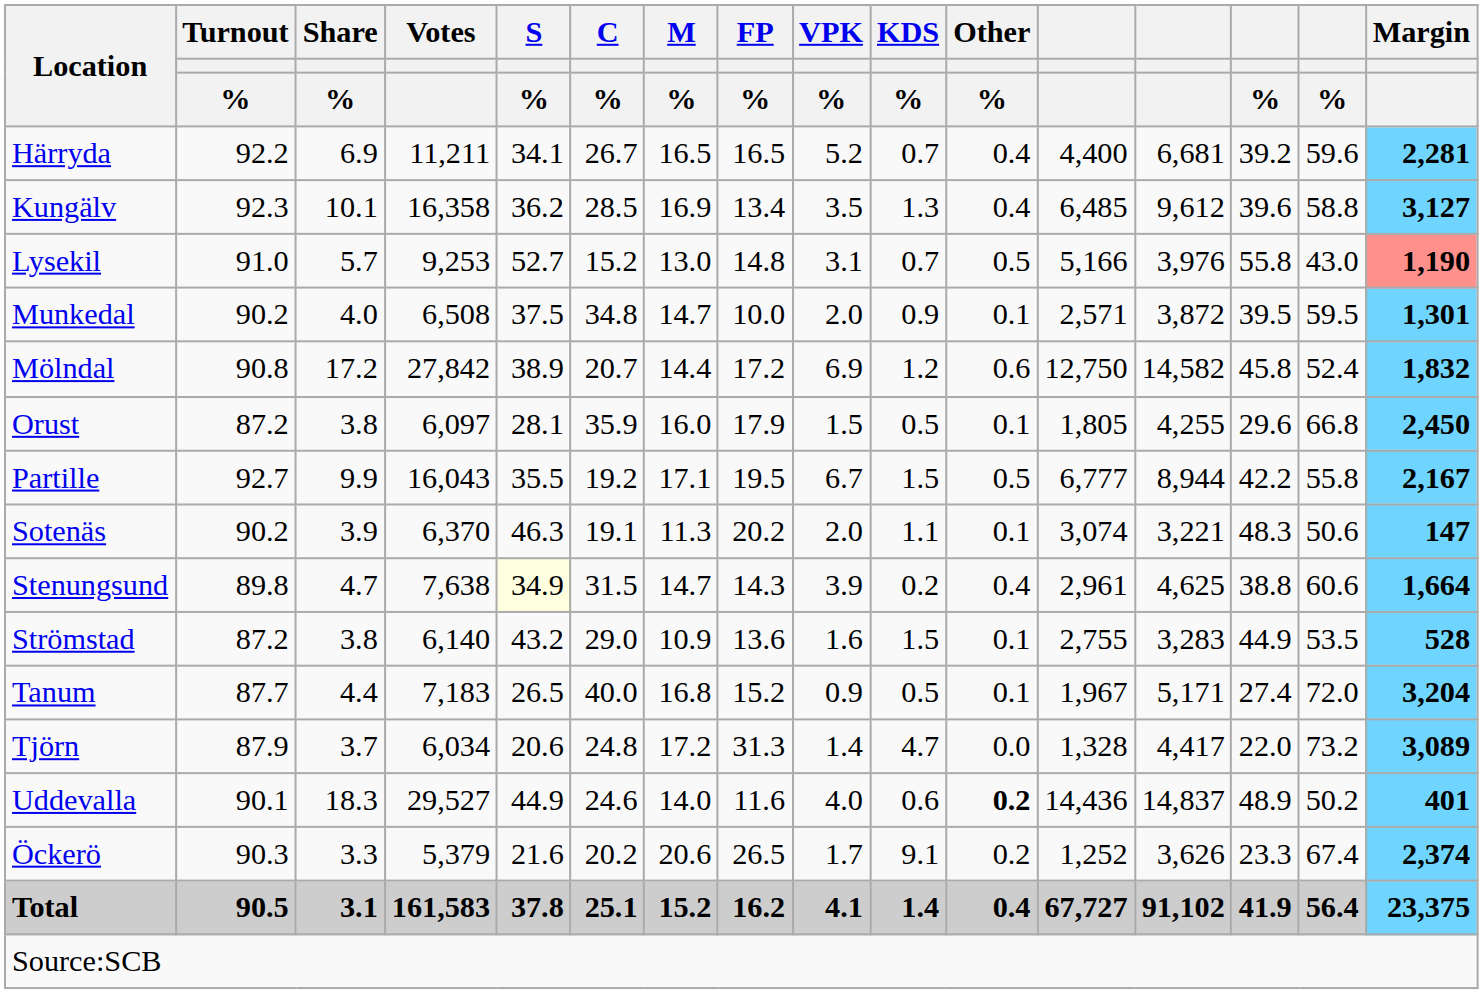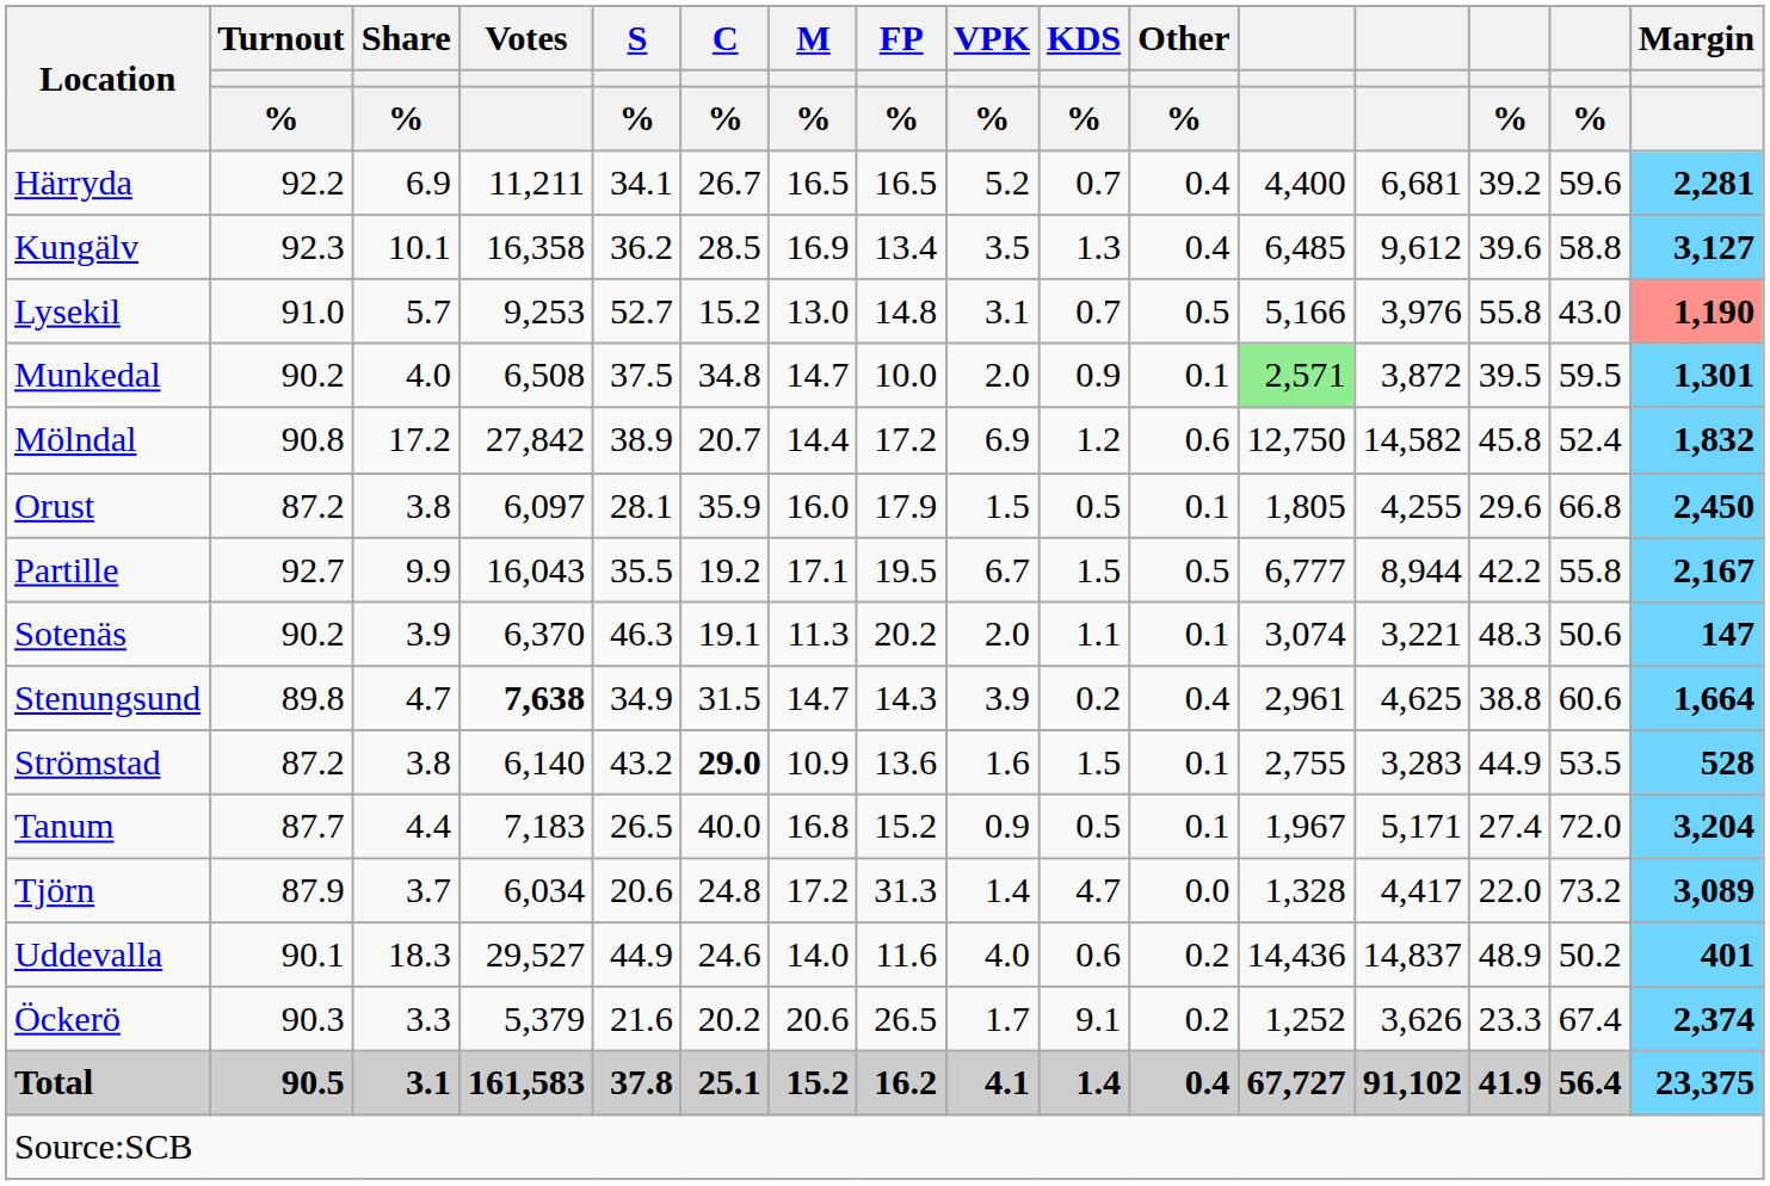 <table class="wikitable sortable" style="text-align:right; font-size:95%; line-height:20px;">
 <tr>
 <th rowspan="3">Location</th>
 <th>Turnout</th>
 <th>Share</th>
 <th>Votes</th>
 <th width="30px" class="unsortable"><a href='#'>S</a></th>
 <th width="30px" class="unsortable"><a href='#'>C</a></th>
 <th width="30px" class="unsortable"><a href='#'>M</a></th>
 <th width="30px" class="unsortable"><a href='#'>FP</a></th>
 <th width="30px" class="unsortable"><a href='#'>VPK</a></th>
 <th width="30px" class="unsortable"><a href='#'>KDS</a></th>
 <th width="30px" class="unsortable">Other</th>
 <th></th>
 <th></th>
 <th></th>
 <th></th>
 <th>Margin</th>
 </tr>
 <tr>
 <th></th>
 <th></th>
 <th></th>
 <th style="background:"></th>
 <th style="background:"></th>
 <th style="background:"></th>
 <th style="background:"></th>
 <th style="background:"></th>
 <th style="background:"></th>
 <th style="background:"></th>
 <th style="background:"></th>
 <th style="background:"></th>
 <th style="background:"></th>
 <th style="background:"></th>
 <th></th>
 </tr>
 <tr>
 <th data-sort-type="number">%</th>
 <th data-sort-type="number">%</th>
 <th></th>
 <th data-sort-type="number">%</th>
 <th data-sort-type="number">%</th>
 <th data-sort-type="number">%</th>
 <th data-sort-type="number">%</th>
 <th data-sort-type="number">%</th>
 <th data-sort-type="number">%</th>
 <th data-sort-type="number">%</th>
 <th data-sort-type="number"></th>
 <th data-sort-type="number"></th>
 <th data-sort-type="number">%</th>
 <th data-sort-type="number">%</th>
 <th data-sort-type="number"></th>
 </tr>
 <tr>
 <td align=left><a href='#'>Härryda</a></td>
 <td>92.2</td>
 <td>6.9</td>
 <td>11,211</td>
 <td>34.1</td>
 <td>26.7</td>
 <td>16.5</td>
 <td>16.5</td>
 <td>5.2</td>
 <td>0.7</td>
 <td>0.4</td>
 <td>4,400</td>
 <td>6,681</td>
 <td>39.2</td>
 <td>59.6</td>
 <td bgcolor=#6fd5fe><strong>2,281</strong></td>
 </tr>
 <tr>
 <td align=left><a href='#'>Kungälv</a></td>
 <td>92.3</td>
 <td>10.1</td>
 <td>16,358</td>
 <td>36.2</td>
 <td>28.5</td>
 <td>16.9</td>
 <td>13.4</td>
 <td>3.5</td>
 <td>1.3</td>
 <td>0.4</td>
 <td>6,485</td>
 <td>9,612</td>
 <td>39.6</td>
 <td>58.8</td>
 <td bgcolor=#6fd5fe><strong>3,127</strong></td>
 </tr>
 <tr>
 <td align=left><a href='#'>Lysekil</a></td>
 <td>91.0</td>
 <td>5.7</td>
 <td>9,253</td>
 <td>52.7</td>
 <td>15.2</td>
 <td>13.0</td>
 <td>14.8</td>
 <td>3.1</td>
 <td>0.7</td>
 <td>0.5</td>
 <td>5,166</td>
 <td>3,976</td>
 <td>55.8</td>
 <td>43.0</td>
 <td bgcolor=#ff908c><strong>1,190</strong></td>
 </tr>
 <tr>
 <td align=left><a href='#'>Munkedal</a></td>
 <td>90.2</td>
 <td>4.0</td>
 <td>6,508</td>
 <td>37.5</td>
 <td>34.8</td>
 <td>14.7</td>
 <td>10.0</td>
 <td>2.0</td>
 <td>0.9</td>
 <td>0.1</td>
-<td>2,571</td>
+<td style="background: lightgreen;">2,571</td>
 <td>3,872</td>
 <td>39.5</td>
 <td>59.5</td>
 <td bgcolor=#6fd5fe><strong>1,301</strong></td>
 </tr>
 <tr>
 <td align=left><a href='#'>Mölndal</a></td>
 <td>90.8</td>
 <td>17.2</td>
 <td>27,842</td>
 <td>38.9</td>
 <td>20.7</td>
 <td>14.4</td>
 <td>17.2</td>
 <td>6.9</td>
 <td>1.2</td>
 <td>0.6</td>
 <td>12,750</td>
 <td>14,582</td>
 <td>45.8</td>
 <td>52.4</td>
 <td bgcolor=#6fd5fe><strong>1,832</strong></td>
 </tr>
 <tr>
 <td align=left><a href='#'>Orust</a></td>
 <td>87.2</td>
 <td>3.8</td>
 <td>6,097</td>
 <td>28.1</td>
 <td>35.9</td>
 <td>16.0</td>
 <td>17.9</td>
 <td>1.5</td>
 <td>0.5</td>
 <td>0.1</td>
 <td>1,805</td>
 <td>4,255</td>
 <td>29.6</td>
 <td>66.8</td>
 <td bgcolor=#6fd5fe><strong>2,450</strong></td>
 </tr>
 <tr>
 <td align=left><a href='#'>Partille</a></td>
 <td>92.7</td>
 <td>9.9</td>
 <td>16,043</td>
 <td>35.5</td>
 <td>19.2</td>
 <td>17.1</td>
 <td>19.5</td>
 <td>6.7</td>
 <td>1.5</td>
 <td>0.5</td>
 <td>6,777</td>
 <td>8,944</td>
 <td>42.2</td>
 <td>55.8</td>
 <td bgcolor=#6fd5fe><strong>2,167</strong></td>
 </tr>
 <tr>
 <td align=left><a href='#'>Sotenäs</a></td>
 <td>90.2</td>
 <td>3.9</td>
 <td>6,370</td>
 <td>46.3</td>
 <td>19.1</td>
 <td>11.3</td>
 <td>20.2</td>
 <td>2.0</td>
 <td>1.1</td>
 <td>0.1</td>
 <td>3,074</td>
 <td>3,221</td>
 <td>48.3</td>
 <td>50.6</td>
 <td bgcolor=#6fd5fe><strong>147</strong></td>
 </tr>
 <tr>
 <td align=left><a href='#'>Stenungsund</a></td>
 <td>89.8</td>
 <td>4.7</td>
-<td>7,638</td>
-<td style="background: lightyellow;">34.9</td>
+<td><strong>7,638</strong></td>
+<td>34.9</td>
 <td>31.5</td>
 <td>14.7</td>
 <td>14.3</td>
 <td>3.9</td>
 <td>0.2</td>
 <td>0.4</td>
 <td>2,961</td>
 <td>4,625</td>
 <td>38.8</td>
 <td>60.6</td>
 <td bgcolor=#6fd5fe><strong>1,664</strong></td>
 </tr>
 <tr>
 <td align=left><a href='#'>Strömstad</a></td>
 <td>87.2</td>
 <td>3.8</td>
 <td>6,140</td>
 <td>43.2</td>
-<td>29.0</td>
+<td><strong>29.0</strong></td>
 <td>10.9</td>
 <td>13.6</td>
 <td>1.6</td>
 <td>1.5</td>
 <td>0.1</td>
 <td>2,755</td>
 <td>3,283</td>
 <td>44.9</td>
 <td>53.5</td>
 <td bgcolor=#6fd5fe><strong>528</strong></td>
 </tr>
 <tr>
 <td align=left><a href='#'>Tanum</a></td>
 <td>87.7</td>
 <td>4.4</td>
 <td>7,183</td>
 <td>26.5</td>
 <td>40.0</td>
 <td>16.8</td>
 <td>15.2</td>
 <td>0.9</td>
 <td>0.5</td>
 <td>0.1</td>
 <td>1,967</td>
 <td>5,171</td>
 <td>27.4</td>
 <td>72.0</td>
 <td bgcolor=#6fd5fe><strong>3,204</strong></td>
 </tr>
 <tr>
 <td align=left><a href='#'>Tjörn</a></td>
 <td>87.9</td>
 <td>3.7</td>
 <td>6,034</td>
 <td>20.6</td>
 <td>24.8</td>
 <td>17.2</td>
 <td>31.3</td>
 <td>1.4</td>
 <td>4.7</td>
 <td>0.0</td>
 <td>1,328</td>
 <td>4,417</td>
 <td>22.0</td>
 <td>73.2</td>
 <td bgcolor=#6fd5fe><strong>3,089</strong></td>
 </tr>
 <tr>
 <td align=left><a href='#'>Uddevalla</a></td>
 <td>90.1</td>
 <td>18.3</td>
 <td>29,527</td>
 <td>44.9</td>
 <td>24.6</td>
 <td>14.0</td>
 <td>11.6</td>
 <td>4.0</td>
 <td>0.6</td>
-<td><strong>0.2</strong></td>
+<td>0.2</td>
 <td>14,436</td>
 <td>14,837</td>
 <td>48.9</td>
 <td>50.2</td>
 <td bgcolor=#6fd5fe><strong>401</strong></td>
 </tr>
 <tr>
 <td align=left><a href='#'>Öckerö</a></td>
 <td>90.3</td>
 <td>3.3</td>
 <td>5,379</td>
 <td>21.6</td>
 <td>20.2</td>
 <td>20.6</td>
 <td>26.5</td>
 <td>1.7</td>
 <td>9.1</td>
 <td>0.2</td>
 <td>1,252</td>
 <td>3,626</td>
 <td>23.3</td>
 <td>67.4</td>
 <td bgcolor=#6fd5fe><strong>2,374</strong></td>
 </tr>
 <tr style="background:#CDCDCD;">
 <td align=left><strong>Total</strong></td>
 <td><strong>90.5</strong></td>
 <td><strong>3.1</strong></td>
 <td><strong>161,583</strong></td>
 <td><strong>37.8</strong></td>
 <td><strong>25.1</strong></td>
 <td><strong>15.2</strong></td>
 <td><strong>16.2</strong></td>
 <td><strong>4.1</strong></td>
 <td><strong>1.4</strong></td>
 <td><strong>0.4</strong></td>
 <td><strong>67,727</strong></td>
 <td><strong>91,102</strong></td>
 <td><strong>41.9</strong></td>
 <td><strong>56.4</strong></td>
 <td bgcolor=#6fd5fe><strong>23,375</strong></td>
 </tr>
 <tr>
 <td align=left colspan=16>Source:SCB </td>
 </tr>
 </table>
